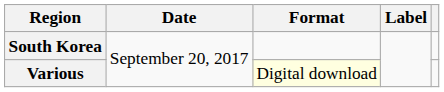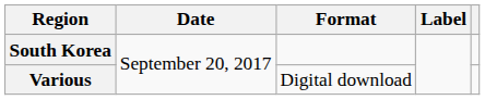 <table class="wikitable plainrowheaders">
 <tr>
 <th>Region</th>
 <th>Date</th>
 <th>Format</th>
 <th>Label</th>
 <th></th>
 </tr>
 <tr>
 <th scope="row">South Korea</th>
 <td rowspan="2">September 20, 2017</td>
 <td></td>
 <td rowspan="2"></td>
 <td align="center"></td>
 </tr>
 <tr>
 <th scope="row">Various</th>
-<td style="background: lightyellow;">Digital download</td>
+<td>Digital download</td>
 <td align="center"></td>
 </tr>
 </table>
